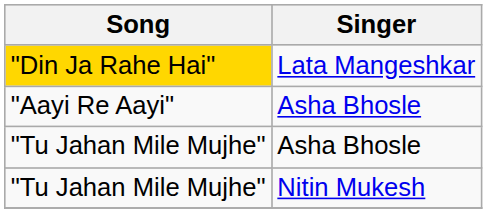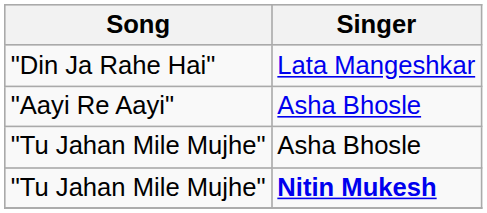 <table class="wikitable">
 <tr>
 <th>Song</th>
 <th>Singer</th>
 </tr>
 <tr>
-<td style="background: gold;">"Din Ja Rahe Hai"</td>
+<td>"Din Ja Rahe Hai"</td>
 <td><a href='#'>Lata Mangeshkar</a></td>
 </tr>
 <tr>
 <td>"Aayi Re Aayi"</td>
 <td><a href='#'>Asha Bhosle</a></td>
 </tr>
 <tr>
 <td>"Tu Jahan Mile Mujhe"</td>
 <td>Asha Bhosle</td>
 </tr>
 <tr>
 <td>"Tu Jahan Mile Mujhe"</td>
-<td><a href='#'>Nitin Mukesh</a></td>
+<td><strong><a href='#'>Nitin Mukesh</a></strong></td>
 </tr>
 <tr>
 </tr>
 </table>
